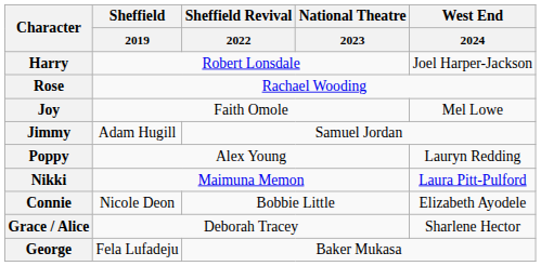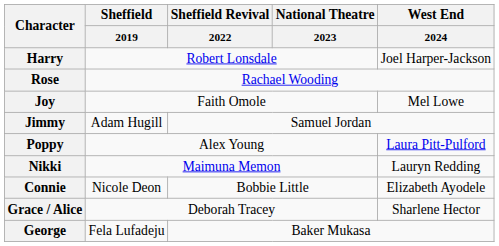 <table class="wikitable">
 <tr>
 <th rowspan="2">Character</th>
 <th>Sheffield</th>
 <th>Sheffield Revival</th>
 <th>National Theatre</th>
 <th>West End</th>
 </tr>
 <tr>
 <th><small>2019</small></th>
 <th><small>2022</small></th>
 <th><small>2023</small></th>
 <th><small>2024</small></th>
 </tr>
 <tr>
 <th>Harry</th>
 <td colspan="3" align="center"><a href='#'>Robert Lonsdale</a></td>
 <td colspan="1" align="center">Joel Harper-Jackson</td>
 </tr>
 <tr>
 <th>Rose</th>
 <td colspan="4" align="center"><a href='#'>Rachael Wooding</a></td>
 </tr>
 <tr>
 <th>Joy</th>
 <td colspan="3" align="center">Faith Omole</td>
 <td colspan="1" align="center">Mel Lowe</td>
 </tr>
 <tr>
 <th>Jimmy</th>
 <td align="center">Adam Hugill</td>
 <td colspan="3" align="center">Samuel Jordan</td>
 </tr>
 <tr>
 <th>Poppy</th>
 <td colspan="3" align="center">Alex Young</td>
-<td colspan="1" align="center">Lauryn Redding</td>
+<td colspan="1" align="center"><a href='#'>Laura Pitt-Pulford</a></td>
 </tr>
 <tr>
 <th>Nikki</th>
 <td colspan="3" align="center"><a href='#'>Maimuna Memon</a></td>
-<td colspan="1" align="center"><a href='#'>Laura Pitt-Pulford</a></td>
+<td colspan="1" align="center">Lauryn Redding</td>
 </tr>
 <tr>
 <th>Connie</th>
 <td align="center">Nicole Deon</td>
 <td colspan="2" align="center">Bobbie Little</td>
 <td colspan="1" align="center">Elizabeth Ayodele</td>
 </tr>
 <tr>
 <th>Grace / Alice</th>
 <td colspan="3" align="center">Deborah Tracey</td>
 <td colspan="1" align="center">Sharlene Hector</td>
 </tr>
 <tr>
 <th>George</th>
 <td align="center">Fela Lufadeju</td>
 <td colspan="3" align="center">Baker Mukasa</td>
 </tr>
 </table>
